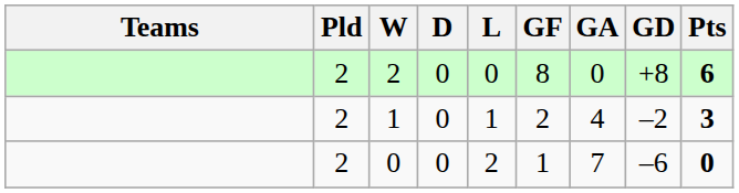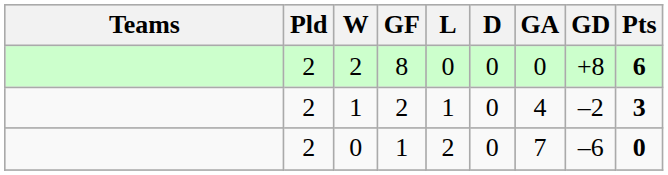 <table class="wikitable" style="text-align: center;">
 <tr>
 <th width=165>Teams</th>
 <th width=20>Pld</th>
 <th width=20>W</th>
+<th width=20>GF</th>
+<th width=20>L</th>
 <th width=20>D</th>
-<th width=20>L</th>
-<th width=20>GF</th>
 <th width=20>GA</th>
 <th width=20>GD</th>
 <th width=20>Pts</th>
 </tr>
 <tr align=center style="background:#ccffcc;">
 <td style="text-align:left;"></td>
 <td>2</td>
 <td>2</td>
+<td>8</td>
 <td>0</td>
 <td>0</td>
-<td>8</td>
 <td>0</td>
 <td>+8</td>
 <td><strong>6</strong></td>
 </tr>
 <tr align=center>
 <td style="text-align:left;"></td>
 <td>2</td>
 <td>1</td>
+<td>2</td>
+<td>1</td>
 <td>0</td>
-<td>1</td>
-<td>2</td>
 <td>4</td>
 <td>–2</td>
 <td><strong>3</strong></td>
 </tr>
 <tr align=center>
 <td style="text-align:left;"></td>
 <td>2</td>
 <td>0</td>
+<td>1</td>
+<td>2</td>
 <td>0</td>
-<td>2</td>
-<td>1</td>
 <td>7</td>
 <td>–6</td>
 <td><strong>0</strong></td>
 </tr>
 </table>
